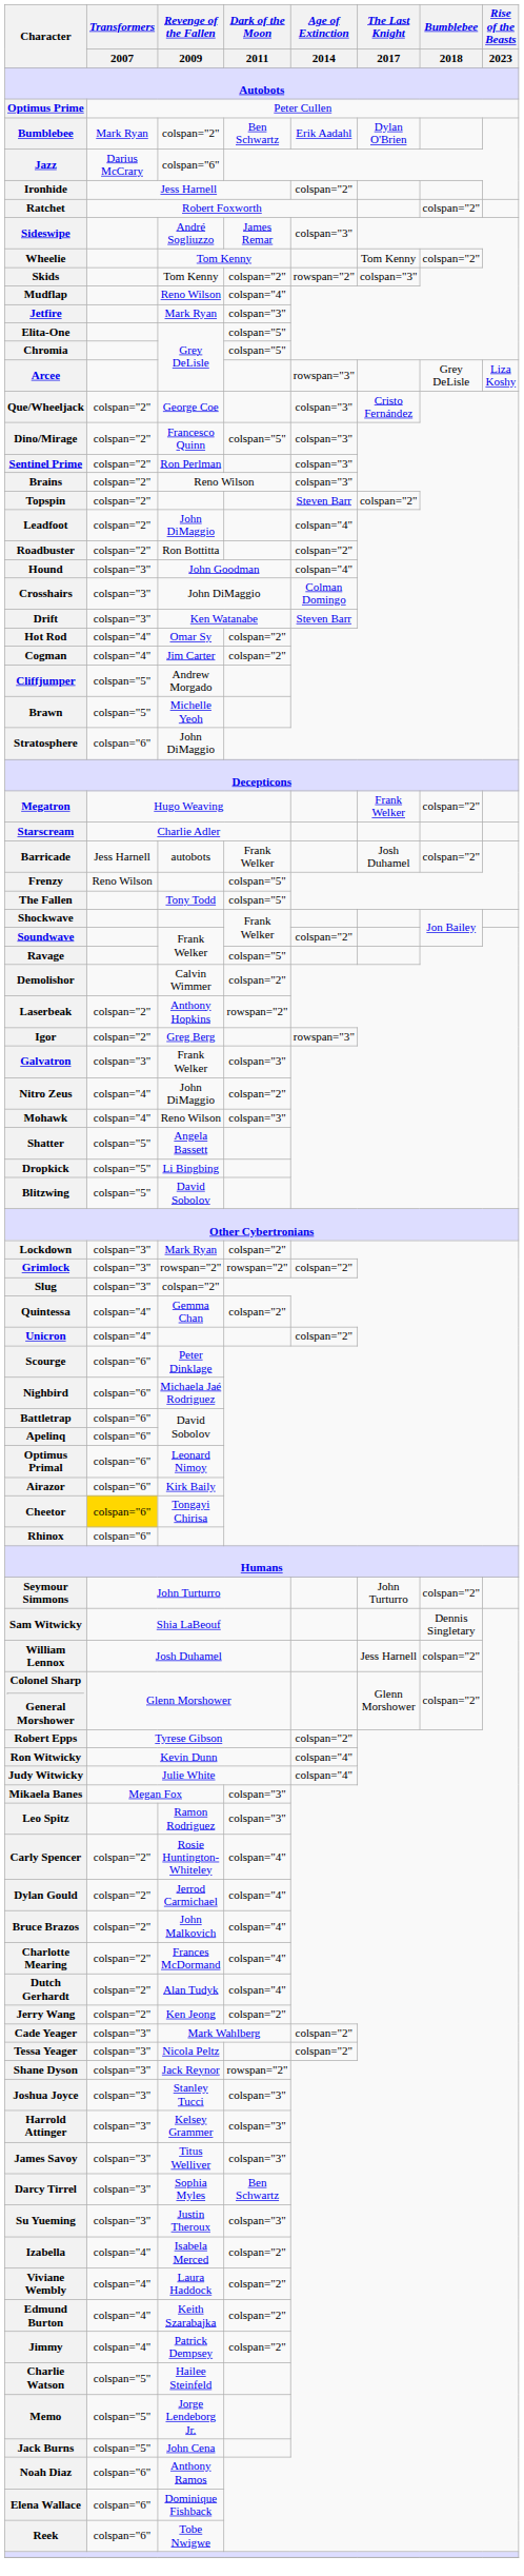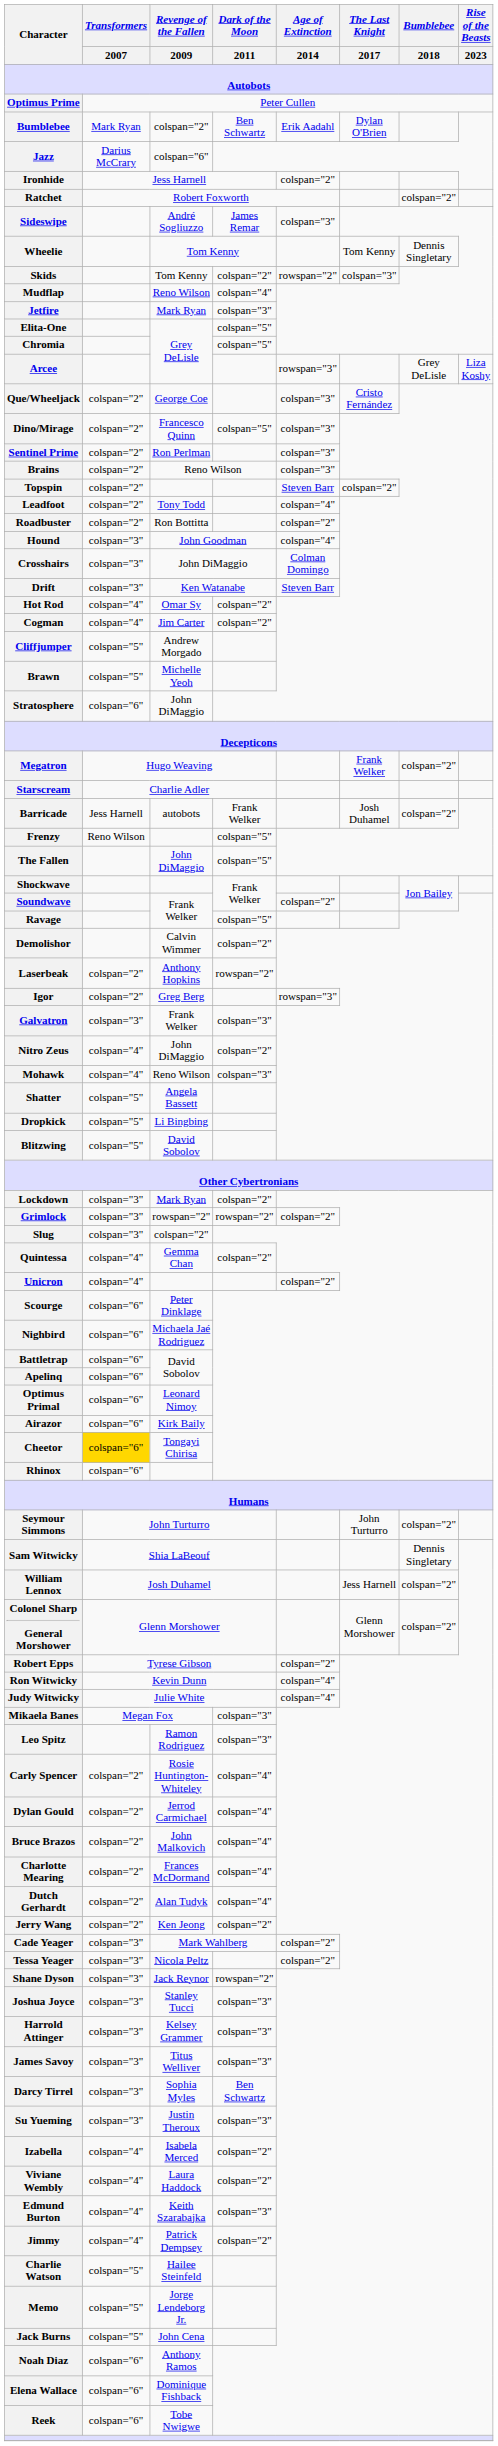 <table role=“presentation” | class="wikitable collapsible" style="text-align:center; width:99%;">
 <tr>
 <th rowspan="2" style="width:13%;">Character</th>
 <th style="text-align:center; width:11%;"><em><a href='#'>Transformers</a></em></th>
 <th style="text-align:center; width:13%;"><em><a href='#'>Revenge of the Fallen</a></em></th>
 <th style="text-align:center; width:11%;"><em><a href='#'>Dark of the Moon</a></em></th>
 <th style="text-align:center; width:11%;"><em><a href='#'>Age of Extinction</a></em></th>
 <th style="text-align:center; width:11%;"><em><a href='#'>The Last Knight</a></em></th>
 <th style="text-align:center; width:11%;"><em><a href='#'>Bumblebee</a></em></th>
 <th style="text-align:center; width:11%;"><em><a href='#'>Rise of the Beasts</a></em></th>
 </tr>
 <tr>
 <th>2007</th>
 <th>2009</th>
 <th>2011</th>
 <th>2014</th>
 <th>2017</th>
 <th>2018</th>
 <th>2023</th>
 </tr>
 <tr>
 <th colspan="8" style="background:#ddf;"><br><strong><a href='#'>Autobots</a></strong> </th>
 </tr>
 <tr>
 <th><a href='#'>Optimus Prime</a></th>
 <td colspan="7"><a href='#'>Peter Cullen</a></td>
 </tr>
 <tr>
 <th><a href='#'>Bumblebee</a></th>
 <td><a href='#'>Mark Ryan</a></td>
 <td>colspan="2" </td>
 <td><a href='#'>Ben Schwartz</a></td>
 <td><a href='#'>Erik Aadahl</a></td>
 <td><a href='#'>Dylan O'Brien</a></td>
 <td></td>
 </tr>
 <tr>
 <th><a href='#'>Jazz</a></th>
 <td><a href='#'>Darius McCrary</a></td>
 <td>colspan="6" </td>
 </tr>
 <tr>
 <th>Ironhide</th>
 <td colspan="3"><a href='#'>Jess Harnell</a></td>
 <td>colspan="2" </td>
 <td></td>
 <td></td>
 </tr>
 <tr>
 <th>Ratchet</th>
 <td colspan="4"><a href='#'>Robert Foxworth</a></td>
 <td></td>
 <td>colspan="2" </td>
 <td></td>
 </tr>
 <tr>
 <th><a href='#'>Sideswipe</a></th>
 <td></td>
 <td><a href='#'>André Sogliuzzo</a></td>
 <td><a href='#'>James Remar</a></td>
 <td>colspan="3" </td>
 </tr>
 <tr>
 <th>Wheelie</th>
 <td></td>
 <td colspan="2"><a href='#'>Tom Kenny</a></td>
 <td></td>
 <td>Tom Kenny</td>
-<td>colspan="2" </td>
+<td>Dennis Singletary</td>
 </tr>
 <tr>
 <th>Skids</th>
 <td></td>
 <td>Tom Kenny</td>
 <td>colspan="2" </td>
 <td>rowspan="2" </td>
 <td>colspan="3" </td>
 </tr>
 <tr>
 <th>Mudflap</th>
 <td></td>
 <td><a href='#'>Reno Wilson</a></td>
 <td>colspan="4" </td>
 </tr>
 <tr>
 <th><a href='#'>Jetfire</a></th>
 <td></td>
 <td><a href='#'>Mark Ryan</a></td>
 <td>colspan="3" </td>
 </tr>
 <tr>
 <th>Elita-One</th>
 <td></td>
 <td rowspan="3"><a href='#'>Grey DeLisle</a></td>
 <td>colspan="5" </td>
 </tr>
 <tr>
 <th>Chromia</th>
 <td></td>
 <td>colspan="5" </td>
 </tr>
 <tr>
 <th><a href='#'>Arcee</a></th>
 <td></td>
 <td></td>
 <td>rowspan="3" </td>
 <td></td>
 <td>Grey DeLisle</td>
 <td><a href='#'>Liza Koshy</a></td>
 </tr>
 <tr>
 <th>Que/Wheeljack</th>
 <td>colspan="2" </td>
 <td><a href='#'>George Coe</a></td>
 <td></td>
 <td>colspan="3" </td>
 <td><a href='#'>Cristo Fernández</a></td>
 </tr>
 <tr>
 <th>Dino/Mirage</th>
 <td>colspan="2" </td>
 <td><a href='#'>Francesco Quinn</a></td>
 <td>colspan="5" </td>
 <td>colspan="3" </td>
 </tr>
 <tr>
 <th><a href='#'>Sentinel Prime</a></th>
 <td>colspan="2" </td>
 <td><a href='#'>Ron Perlman</a></td>
 <td></td>
 <td>colspan="3" </td>
 </tr>
 <tr>
 <th>Brains</th>
 <td>colspan="2" </td>
 <td colspan="2">Reno Wilson</td>
 <td>colspan="3" </td>
 </tr>
 <tr>
 <th>Topspin</th>
 <td>colspan="2" </td>
 <td></td>
 <td></td>
 <td><a href='#'>Steven Barr</a></td>
 <td>colspan="2" </td>
 </tr>
 <tr>
 <th>Leadfoot</th>
 <td>colspan="2" </td>
-<td><a href='#'>John DiMaggio</a></td>
+<td><a href='#'>Tony Todd</a></td>
 <td></td>
 <td>colspan="4" </td>
 </tr>
 <tr>
 <th>Roadbuster</th>
 <td>colspan="2" </td>
 <td>Ron Bottitta</td>
 <td></td>
 <td>colspan="2" </td>
 </tr>
 <tr>
 <th>Hound</th>
 <td>colspan="3" </td>
 <td colspan="2"><a href='#'>John Goodman</a></td>
 <td>colspan="4" </td>
 </tr>
 <tr>
 <th>Crosshairs</th>
 <td>colspan="3" </td>
 <td colspan="2">John DiMaggio</td>
 <td><a href='#'>Colman Domingo</a></td>
 </tr>
 <tr>
 <th>Drift</th>
 <td>colspan="3" </td>
 <td colspan="2"><a href='#'>Ken Watanabe</a></td>
 <td><a href='#'>Steven Barr</a></td>
 </tr>
 <tr>
 <th>Hot Rod</th>
 <td>colspan="4" </td>
 <td><a href='#'>Omar Sy</a></td>
 <td>colspan="2" </td>
 </tr>
 <tr>
 <th>Cogman</th>
 <td>colspan="4" </td>
 <td><a href='#'>Jim Carter</a></td>
 <td>colspan="2" </td>
 </tr>
 <tr>
 <th><a href='#'>Cliffjumper</a></th>
 <td>colspan="5" </td>
 <td>Andrew Morgado</td>
 <td></td>
 </tr>
 <tr>
 <th>Brawn</th>
 <td>colspan="5" </td>
 <td><a href='#'>Michelle Yeoh</a></td>
 <td></td>
 </tr>
 <tr>
 <th>Stratosphere</th>
 <td>colspan="6" </td>
 <td>John DiMaggio</td>
 </tr>
 <tr>
 <th colspan="9" style="background:#ddf;"><br><strong><a href='#'>Decepticons</a></strong> </th>
 </tr>
 <tr>
 <th><a href='#'>Megatron</a></th>
 <td colspan="3"><a href='#'>Hugo Weaving</a></td>
 <td></td>
 <td><a href='#'>Frank Welker</a></td>
 <td>colspan="2" </td>
 </tr>
 <tr>
 <th><a href='#'>Starscream</a></th>
 <td colspan="3"><a href='#'>Charlie Adler</a></td>
 <td></td>
 <td></td>
 <td></td>
 <td></td>
 </tr>
 <tr>
 <th>Barricade</th>
 <td>Jess Harnell</td>
 <td> autobots</td>
 <td>Frank Welker</td>
 <td></td>
 <td>Josh Duhamel</td>
 <td>colspan="2" </td>
 </tr>
 <tr>
 <th>Frenzy</th>
 <td>Reno Wilson</td>
 <td></td>
 <td>colspan="5" </td>
 </tr>
 <tr>
 <th>The Fallen<br></th>
 <td></td>
-<td><a href='#'>Tony Todd</a></td>
+<td><a href='#'>John DiMaggio</a></td>
 <td>colspan="5" </td>
 </tr>
 <tr>
 <th>Shockwave</th>
 <td></td>
 <td></td>
 <td rowspan="2">Frank Welker</td>
 <td></td>
 <td></td>
 <td rowspan="2"><a href='#'>Jon Bailey</a></td>
 <td></td>
 </tr>
 <tr>
 <th><a href='#'>Soundwave</a></th>
 <td></td>
 <td rowspan="2">Frank Welker</td>
 <td>colspan="2" </td>
 <td></td>
 </tr>
 <tr>
 <th>Ravage</th>
 <td></td>
 <td>colspan="5" </td>
 <td></td>
 <td></td>
 </tr>
 <tr>
 <th>Demolishor</th>
 <td></td>
 <td>Calvin Wimmer</td>
 <td>colspan="2" </td>
 </tr>
 <tr>
 <th>Laserbeak</th>
 <td>colspan="2" </td>
 <td><a href='#'>Anthony Hopkins</a></td>
 <td>rowspan="2" </td>
 </tr>
 <tr>
 <th>Igor</th>
 <td>colspan="2" </td>
 <td><a href='#'>Greg Berg</a></td>
 <td></td>
 <td>rowspan="3" </td>
 </tr>
 <tr>
 <th><a href='#'>Galvatron</a></th>
 <td>colspan="3" </td>
 <td>Frank Welker</td>
 <td>colspan="3" </td>
 </tr>
 <tr>
 <th>Nitro Zeus</th>
 <td>colspan="4" </td>
 <td>John DiMaggio</td>
 <td>colspan="2" </td>
 </tr>
 <tr>
 <th>Mohawk</th>
 <td>colspan="4" </td>
 <td>Reno Wilson</td>
 <td>colspan="3" </td>
 </tr>
 <tr>
 <th>Shatter</th>
 <td>colspan="5" </td>
 <td><a href='#'>Angela Bassett</a></td>
 <td></td>
 </tr>
 <tr>
 <th>Dropkick</th>
 <td>colspan="5" </td>
 <td><a href='#'>Li Bingbing</a></td>
 <td></td>
 </tr>
 <tr>
 <th>Blitzwing</th>
 <td>colspan="5" </td>
 <td><a href='#'>David Sobolov</a></td>
 <td></td>
 </tr>
 <tr>
 <th colspan="9" style="background:#ddf;"><br><strong><a href='#'>Other Cybertronians</a></strong> </th>
 </tr>
 <tr>
 <th>Lockdown</th>
 <td>colspan="3" </td>
 <td><a href='#'>Mark Ryan</a></td>
 <td>colspan="2" </td>
 </tr>
 <tr>
 <th><a href='#'>Grimlock</a></th>
 <td>colspan="3" </td>
 <td>rowspan="2" </td>
 <td>rowspan="2" </td>
 <td>colspan="2" </td>
 </tr>
 <tr>
 <th>Slug</th>
 <td>colspan="3" </td>
 <td>colspan="2" </td>
 </tr>
 <tr>
 <th>Quintessa</th>
 <td>colspan="4" </td>
 <td><a href='#'>Gemma Chan</a></td>
 <td>colspan="2" </td>
 </tr>
 <tr>
 <th><a href='#'>Unicron</a></th>
 <td>colspan="4" </td>
 <td></td>
 <td></td>
 <td>colspan="2" </td>
 </tr>
 <tr>
 <th>Scourge</th>
 <td>colspan="6" </td>
 <td><a href='#'>Peter Dinklage</a></td>
 </tr>
 <tr>
 <th>Nighbird</th>
 <td>colspan="6" </td>
 <td><a href='#'>Michaela Jaé Rodriguez</a></td>
 </tr>
 <tr>
 <th>Battletrap</th>
 <td>colspan="6" </td>
 <td rowspan="2">David Sobolov</td>
 </tr>
 <tr>
 <th>Apelinq</th>
 <td>colspan="6" </td>
 </tr>
 <tr>
 <th>Optimus Primal</th>
 <td>colspan="6" </td>
 <td><a href='#'>Leonard Nimoy</a></td>
 </tr>
 <tr>
 <th>Airazor</th>
 <td>colspan="6" </td>
 <td><a href='#'>Kirk Baily</a></td>
 </tr>
 <tr>
 <th>Cheetor</th>
 <td style="background: gold;">colspan="6" </td>
 <td><a href='#'>Tongayi Chirisa</a></td>
 </tr>
 <tr>
 <th>Rhinox</th>
 <td>colspan="6" </td>
 <td></td>
 </tr>
 <tr>
 <th colspan="9" style="background:#ddf;"><br><strong><a href='#'>Humans</a></strong> </th>
 </tr>
 <tr>
 <th>Seymour Simmons</th>
 <td colspan="3"><a href='#'>John Turturro</a></td>
 <td></td>
 <td>John Turturro</td>
 <td>colspan="2" </td>
 <td></td>
 </tr>
 <tr>
 <th>Sam Witwicky</th>
 <td colspan="3"><a href='#'>Shia LaBeouf</a></td>
 <td></td>
 <td></td>
 <td>Dennis Singletary</td>
 </tr>
 <tr>
 <th>William Lennox</th>
 <td colspan="3"><a href='#'>Josh Duhamel</a></td>
 <td></td>
 <td>Jess Harnell</td>
 <td>colspan="2" </td>
 </tr>
 <tr>
 <th>Colonel Sharp<hr>General Morshower</th>
 <td colspan="3"><a href='#'>Glenn Morshower</a></td>
 <td></td>
 <td>Glenn Morshower</td>
 <td>colspan="2" </td>
 </tr>
 <tr>
 <th>Robert Epps</th>
 <td colspan="3"><a href='#'>Tyrese Gibson</a></td>
 <td>colspan="2" </td>
 </tr>
 <tr>
 <th>Ron Witwicky</th>
 <td colspan="3"><a href='#'>Kevin Dunn</a></td>
 <td>colspan="4" </td>
 </tr>
 <tr>
 <th>Judy Witwicky</th>
 <td colspan="3"><a href='#'>Julie White</a></td>
 <td>colspan="4" </td>
 </tr>
 <tr>
 <th>Mikaela Banes</th>
 <td colspan="2"><a href='#'>Megan Fox</a></td>
 <td>colspan="3" </td>
 </tr>
 <tr>
 <th>Leo Spitz</th>
 <td></td>
 <td><a href='#'>Ramon Rodriguez</a></td>
 <td>colspan="3" </td>
 </tr>
 <tr>
 <th>Carly Spencer</th>
 <td>colspan="2" </td>
 <td><a href='#'>Rosie Huntington-Whiteley</a></td>
 <td>colspan="4" </td>
 </tr>
 <tr>
 <th>Dylan Gould</th>
 <td>colspan="2" </td>
 <td><a href='#'>Jerrod Carmichael</a></td>
 <td>colspan="4" </td>
 </tr>
 <tr>
 <th>Bruce Brazos</th>
 <td>colspan="2" </td>
 <td><a href='#'>John Malkovich</a></td>
 <td>colspan="4" </td>
 </tr>
 <tr>
 <th>Charlotte Mearing</th>
 <td>colspan="2" </td>
 <td><a href='#'>Frances McDormand</a></td>
 <td>colspan="4" </td>
 </tr>
 <tr>
 <th>Dutch Gerhardt</th>
 <td>colspan="2" </td>
 <td><a href='#'>Alan Tudyk</a></td>
 <td>colspan="4" </td>
 </tr>
 <tr>
 <th>Jerry Wang</th>
 <td>colspan="2" </td>
 <td><a href='#'>Ken Jeong</a></td>
 <td>colspan="2" </td>
 </tr>
 <tr>
 <th>Cade Yeager</th>
 <td>colspan="3" </td>
 <td colspan="2"><a href='#'>Mark Wahlberg</a></td>
 <td>colspan="2" </td>
 </tr>
 <tr>
 <th>Tessa Yeager</th>
 <td>colspan="3" </td>
 <td colspan="1"><a href='#'>Nicola Peltz</a></td>
 <td></td>
 <td>colspan="2" </td>
 </tr>
 <tr>
 <th>Shane Dyson</th>
 <td>colspan="3" </td>
 <td><a href='#'>Jack Reynor</a></td>
 <td>rowspan="2" </td>
 </tr>
 <tr>
 <th>Joshua Joyce</th>
 <td>colspan="3" </td>
 <td><a href='#'>Stanley Tucci</a></td>
 <td>colspan="3" </td>
 </tr>
 <tr>
 <th>Harrold Attinger</th>
 <td>colspan="3" </td>
 <td><a href='#'>Kelsey Grammer</a></td>
 <td>colspan="3" </td>
 </tr>
 <tr>
 <th>James Savoy</th>
 <td>colspan="3" </td>
 <td><a href='#'>Titus Welliver</a></td>
 <td>colspan="3" </td>
 </tr>
 <tr>
 <th>Darcy Tirrel</th>
 <td>colspan="3" </td>
 <td><a href='#'>Sophia Myles</a></td>
 <td><a href='#'>Ben Schwartz</a></td>
 </tr>
 <tr>
 <th>Su Yueming</th>
 <td>colspan="3" </td>
 <td><a href='#'>Justin Theroux</a></td>
 <td>colspan="3" </td>
 </tr>
 <tr>
 <th>Izabella</th>
 <td>colspan="4" </td>
 <td><a href='#'>Isabela Merced</a></td>
 <td>colspan="2" </td>
 </tr>
 <tr>
 <th>Viviane Wembly</th>
 <td>colspan="4" </td>
 <td><a href='#'>Laura Haddock</a></td>
 <td>colspan="2" </td>
 </tr>
 <tr>
 <th>Edmund Burton</th>
 <td>colspan="4" </td>
 <td><a href='#'>Keith Szarabajka</a></td>
-<td>colspan="2" </td>
+<td>colspan="3" </td>
 </tr>
 <tr>
 <th>Jimmy</th>
 <td>colspan="4" </td>
 <td><a href='#'>Patrick Dempsey</a></td>
 <td>colspan="2" </td>
 </tr>
 <tr>
 <th>Charlie Watson</th>
 <td>colspan="5" </td>
 <td><a href='#'>Hailee Steinfeld</a></td>
 <td></td>
 </tr>
 <tr>
 <th>Memo</th>
 <td>colspan="5" </td>
 <td><a href='#'>Jorge Lendeborg Jr.</a></td>
 <td></td>
 </tr>
 <tr>
 <th>Jack Burns</th>
 <td>colspan="5" </td>
 <td><a href='#'>John Cena</a></td>
 <td></td>
 </tr>
 <tr>
 <th>Noah Diaz</th>
 <td>colspan="6" </td>
 <td><a href='#'>Anthony Ramos</a></td>
 </tr>
 <tr>
 <th>Elena Wallace</th>
 <td>colspan="6" </td>
 <td><a href='#'>Dominique Fishback</a></td>
 </tr>
 <tr>
 <th>Reek</th>
 <td>colspan="6" </td>
 <td><a href='#'>Tobe Nwigwe</a></td>
 </tr>
 <tr>
 <th colspan="8" style="background:#ddf;"></th>
 </tr>
 <tr>
 </tr>
 </table>
